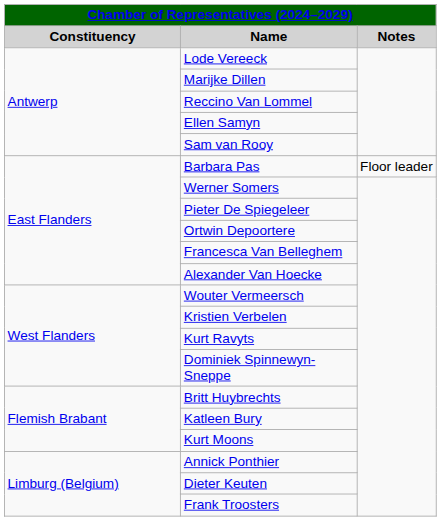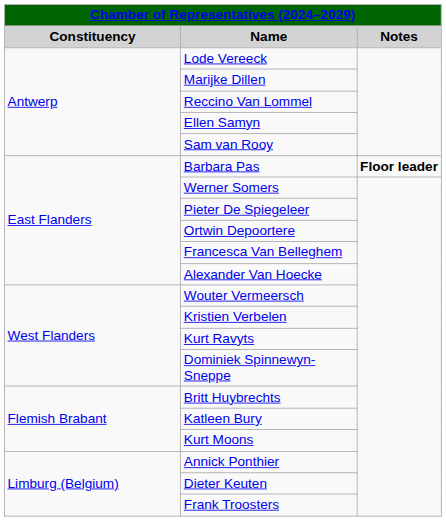 <table class="wikitable">
 <tr>
 <th style="background:darkGreen;" colspan="3"><a href='#'><span>Chamber of Representatives (2024–2029)</span></a></th>
 </tr>
 <tr>
 <th scope="col" style="background:Lightgrey; width:200px;">Constituency</th>
 <th scope="col" style="background:Lightgrey; width:200px;">Name</th>
 <th style="background:LightGrey;">Notes</th>
 </tr>
 <tr>
 <td rowspan="5"><a href='#'>Antwerp</a></td>
 <td><a href='#'>Lode Vereeck</a></td>
 </tr>
 <tr>
 <td><a href='#'>Marijke Dillen</a></td>
 </tr>
 <tr>
 <td><a href='#'>Reccino Van Lommel</a></td>
 </tr>
 <tr>
 <td><a href='#'>Ellen Samyn</a></td>
 </tr>
 <tr>
 <td><a href='#'>Sam van Rooy</a></td>
 </tr>
 <tr>
 <td rowspan="6"><a href='#'>East Flanders</a></td>
 <td><a href='#'>Barbara Pas</a></td>
-<td>Floor leader</td>
+<td><strong>Floor leader</strong></td>
 </tr>
 <tr>
 <td><a href='#'>Werner Somers</a></td>
 </tr>
 <tr>
 <td><a href='#'>Pieter De Spiegeleer</a></td>
 </tr>
 <tr>
 <td><a href='#'>Ortwin Depoortere</a></td>
 </tr>
 <tr>
 <td><a href='#'>Francesca Van Belleghem</a></td>
 </tr>
 <tr>
 <td><a href='#'>Alexander Van Hoecke</a></td>
 </tr>
 <tr>
 <td rowspan="4"><a href='#'>West Flanders</a></td>
 <td><a href='#'>Wouter Vermeersch</a></td>
 </tr>
 <tr>
 <td><a href='#'>Kristien Verbelen</a></td>
 </tr>
 <tr>
 <td><a href='#'>Kurt Ravyts</a></td>
 </tr>
 <tr>
 <td><a href='#'>Dominiek Spinnewyn-Sneppe</a></td>
 </tr>
 <tr>
 <td rowspan="3"><a href='#'>Flemish Brabant</a></td>
 <td><a href='#'>Britt Huybrechts</a></td>
 </tr>
 <tr>
 <td><a href='#'>Katleen Bury</a></td>
 </tr>
 <tr>
 <td><a href='#'>Kurt Moons</a></td>
 </tr>
 <tr>
 <td rowspan="3"><a href='#'>Limburg (Belgium)</a></td>
 <td><a href='#'>Annick Ponthier</a></td>
 </tr>
 <tr>
 <td><a href='#'>Dieter Keuten</a></td>
 </tr>
 <tr>
 <td><a href='#'>Frank Troosters</a></td>
 </tr>
 </table>
